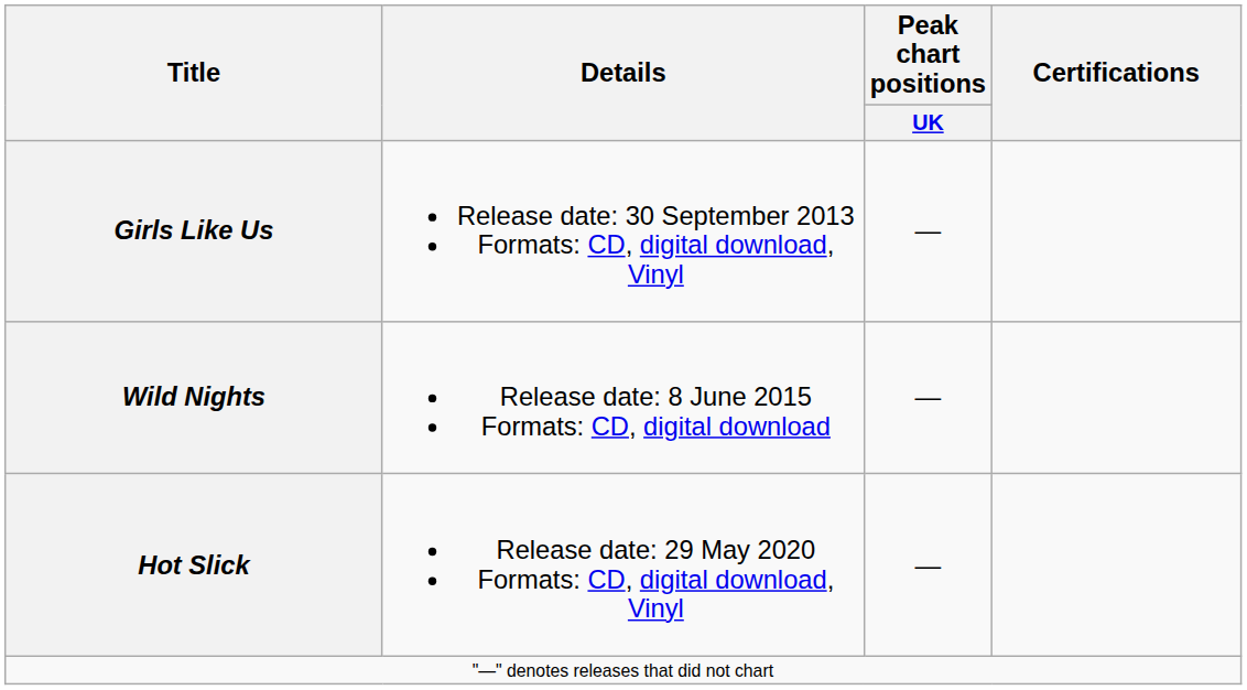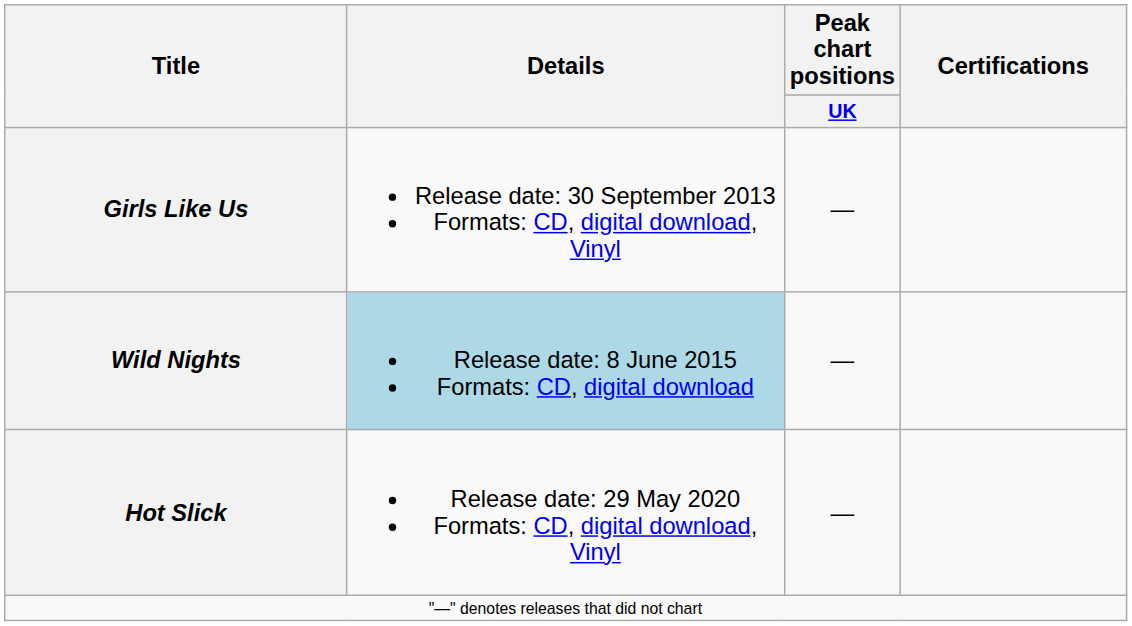 <table class="wikitable plainrowheaders" style="text-align:center;">
 <tr>
 <th rowspan="2" style="width:14em;">Title</th>
 <th rowspan="2" style="width:18em;">Details</th>
 <th>Peak chart positions</th>
 <th rowspan="2" style="width:145px;">Certifications</th>
 </tr>
 <tr style="font-size:smaller;">
 <th style="width:45px;"><a href='#'>UK</a></th>
 </tr>
 <tr>
 <th scope="row"><em>Girls Like Us</em></th>
 <td><br><ul><li>Release date: 30 September 2013</li><li>Formats: <a href='#'>CD</a>, <a href='#'>digital download</a>, <a href='#'>Vinyl</a></li></ul></td>
 <td>—</td>
 <td></td>
 </tr>
 <tr>
 <th scope="row"><em>Wild Nights</em></th>
-<td><br><ul><li>Release date: 8 June 2015</li><li>Formats: <a href='#'>CD</a>, <a href='#'>digital download</a></li></ul></td>
+<td style="background: lightblue;"><br><ul><li>Release date: 8 June 2015</li><li>Formats: <a href='#'>CD</a>, <a href='#'>digital download</a></li></ul></td>
 <td>—</td>
 <td></td>
 </tr>
 <tr>
 <th scope="row"><em>Hot Slick</em></th>
 <td><br><ul><li>Release date: 29 May 2020</li><li>Formats: <a href='#'>CD</a>, <a href='#'>digital download</a>, <a href='#'>Vinyl</a></li></ul></td>
 <td>—</td>
 <td></td>
 </tr>
 <tr>
 <td colspan="15" style="font-size:8pt">"—" denotes releases that did not chart</td>
 </tr>
 </table>
